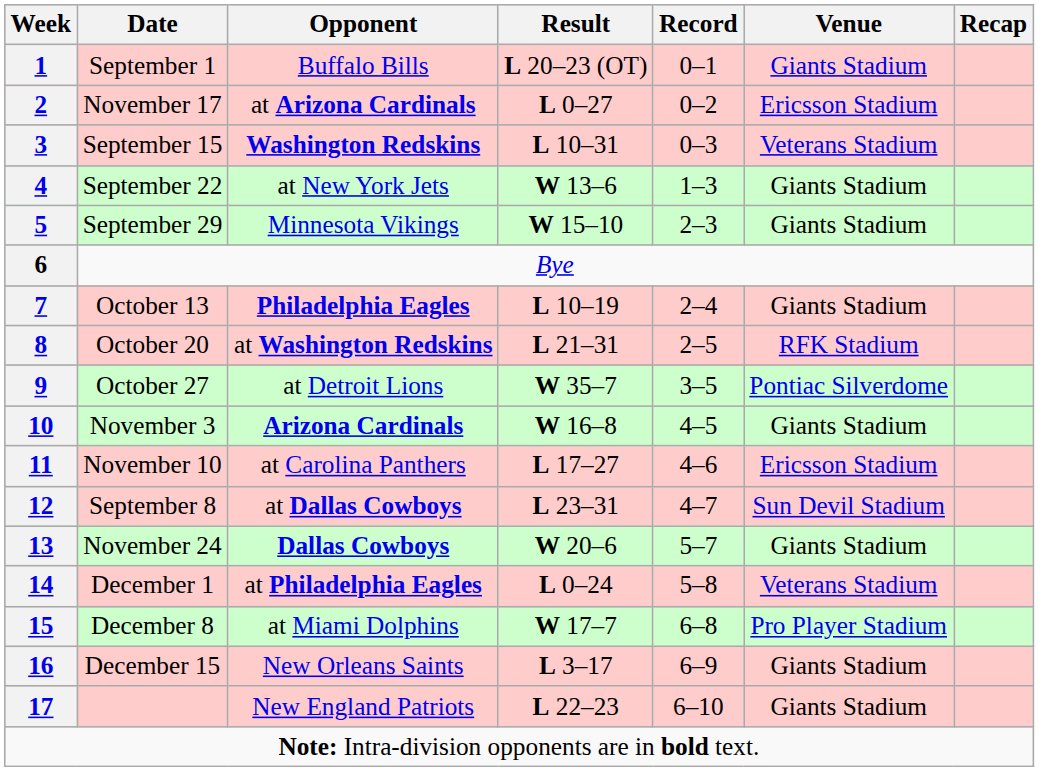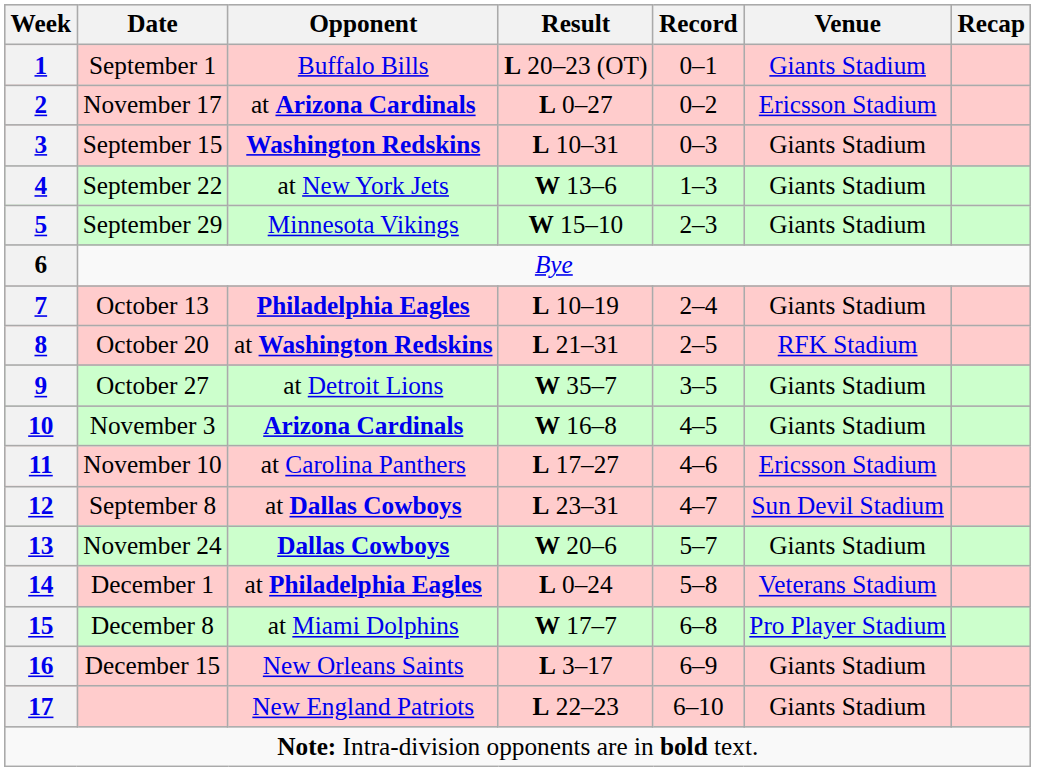 <table class="wikitable" style="text-align:center">
 <tr>
 <th>Week</th>
 <th>Date</th>
 <th>Opponent</th>
 <th>Result</th>
 <th>Record</th>
 <th>Venue</th>
 <th>Recap</th>
 </tr>
 <tr style="background:#fcc">
 <th><a href='#'>1</a></th>
 <td>September 1</td>
 <td><a href='#'>Buffalo Bills</a></td>
 <td><strong>L</strong> 20–23 (OT)</td>
 <td>0–1</td>
 <td><a href='#'>Giants Stadium</a></td>
 <td></td>
 </tr>
 <tr style="background:#fcc">
 <th><a href='#'>2</a></th>
 <td>November 17</td>
 <td>at <strong><a href='#'>Arizona Cardinals</a></strong></td>
 <td><strong>L</strong> 0–27</td>
 <td>0–2</td>
 <td><a href='#'>Ericsson Stadium</a></td>
 <td></td>
 </tr>
 <tr style="background:#fcc">
 <th><a href='#'>3</a></th>
 <td>September 15</td>
 <td><strong><a href='#'>Washington Redskins</a></strong></td>
 <td><strong>L</strong> 10–31</td>
 <td>0–3</td>
-<td><a href='#'>Veterans Stadium</a></td>
+<td>Giants Stadium</td>
 <td></td>
 </tr>
 <tr style="background:#cfc">
 <th><a href='#'>4</a></th>
 <td>September 22</td>
 <td>at <a href='#'>New York Jets</a></td>
 <td><strong>W</strong> 13–6</td>
 <td>1–3</td>
 <td>Giants Stadium</td>
 <td></td>
 </tr>
 <tr style="background:#cfc">
 <th><a href='#'>5</a></th>
 <td>September 29</td>
 <td><a href='#'>Minnesota Vikings</a></td>
 <td><strong>W</strong> 15–10</td>
 <td>2–3</td>
 <td>Giants Stadium</td>
 <td></td>
 </tr>
 <tr>
 <th>6</th>
 <td colspan="6"><em><a href='#'>Bye</a></em></td>
 </tr>
 <tr style="background:#fcc">
 <th><a href='#'>7</a></th>
 <td>October 13</td>
 <td><strong><a href='#'>Philadelphia Eagles</a></strong></td>
 <td><strong>L</strong> 10–19</td>
 <td>2–4</td>
 <td>Giants Stadium</td>
 <td></td>
 </tr>
 <tr style="background:#fcc">
 <th><a href='#'>8</a></th>
 <td>October 20</td>
 <td>at <strong><a href='#'>Washington Redskins</a></strong></td>
 <td><strong>L</strong> 21–31</td>
 <td>2–5</td>
 <td><a href='#'>RFK Stadium</a></td>
 <td></td>
 </tr>
 <tr style="background:#cfc">
 <th><a href='#'>9</a></th>
 <td>October 27</td>
 <td>at <a href='#'>Detroit Lions</a></td>
 <td><strong>W</strong> 35–7</td>
 <td>3–5</td>
-<td><a href='#'>Pontiac Silverdome</a></td>
+<td>Giants Stadium</td>
 <td></td>
 </tr>
 <tr style="background:#cfc">
 <th><a href='#'>10</a></th>
 <td>November 3</td>
 <td><strong><a href='#'>Arizona Cardinals</a></strong></td>
 <td><strong>W</strong> 16–8</td>
 <td>4–5</td>
 <td>Giants Stadium</td>
 <td></td>
 </tr>
 <tr style="background:#fcc">
 <th><a href='#'>11</a></th>
 <td>November 10</td>
 <td>at <a href='#'>Carolina Panthers</a></td>
 <td><strong>L</strong> 17–27</td>
 <td>4–6</td>
 <td><a href='#'>Ericsson Stadium</a></td>
 <td></td>
 </tr>
 <tr style="background:#fcc">
 <th><a href='#'>12</a></th>
 <td>September 8</td>
 <td>at <strong><a href='#'>Dallas Cowboys</a></strong></td>
 <td><strong>L</strong> 23–31</td>
 <td>4–7</td>
 <td><a href='#'>Sun Devil Stadium</a></td>
 <td></td>
 </tr>
 <tr style="background:#cfc">
 <th><a href='#'>13</a></th>
 <td>November 24</td>
 <td><strong><a href='#'>Dallas Cowboys</a></strong></td>
 <td><strong>W</strong> 20–6</td>
 <td>5–7</td>
 <td>Giants Stadium</td>
 <td></td>
 </tr>
 <tr style="background:#fcc">
 <th><a href='#'>14</a></th>
 <td>December 1</td>
 <td>at <strong><a href='#'>Philadelphia Eagles</a></strong></td>
 <td><strong>L</strong> 0–24</td>
 <td>5–8</td>
 <td><a href='#'>Veterans Stadium</a></td>
 <td></td>
 </tr>
 <tr style="background:#cfc">
 <th><a href='#'>15</a></th>
 <td>December 8</td>
 <td>at <a href='#'>Miami Dolphins</a></td>
 <td><strong>W</strong> 17–7</td>
 <td>6–8</td>
 <td><a href='#'>Pro Player Stadium</a></td>
 <td></td>
 </tr>
 <tr style="background:#fcc">
 <th><a href='#'>16</a></th>
 <td>December 15</td>
 <td><a href='#'>New Orleans Saints</a></td>
 <td><strong>L</strong> 3–17</td>
 <td>6–9</td>
 <td>Giants Stadium</td>
 <td></td>
 </tr>
 <tr style="background:#fcc">
 <th><a href='#'>17</a></th>
 <td></td>
 <td><a href='#'>New England Patriots</a></td>
 <td><strong>L</strong> 22–23</td>
 <td>6–10</td>
 <td>Giants Stadium</td>
 <td></td>
 </tr>
 <tr>
 <td colspan="8"><strong>Note:</strong> Intra-division opponents are in <strong>bold</strong> text.</td>
 </tr>
 </table>
